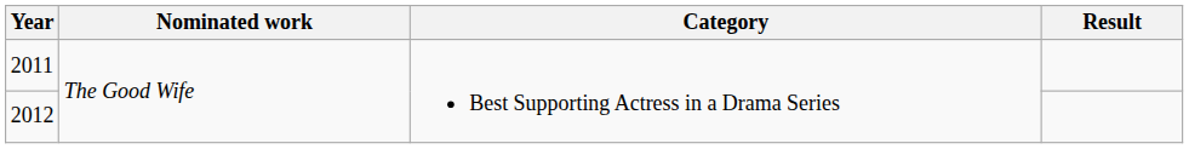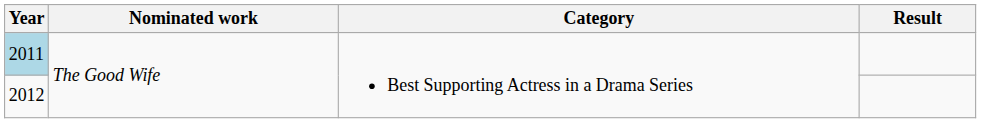 <table class=wikitable>
 <tr>
 <th width=4%>Year</th>
 <th width=30%>Nominated work</th>
 <th width=54%>Category</th>
 <th width=12%>Result</th>
 </tr>
 <tr>
-<td>2011</td>
+<td style="background: lightblue;">2011</td>
 <td rowspan=2><em>The Good Wife</em></td>
 <td rowspan=2><br><ul><li>Best Supporting Actress in a Drama Series</li></ul></td>
 <td></td>
 </tr>
 <tr>
 <td>2012</td>
 <td></td>
 </tr>
 </table>
